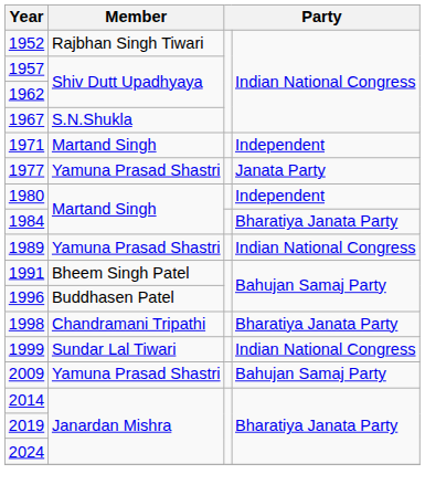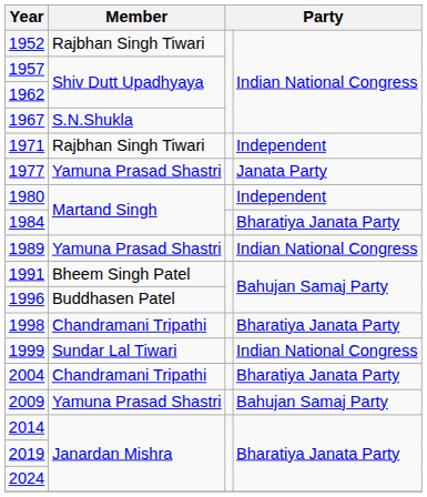 <table class="wikitable">
 <tr>
 <th>Year</th>
 <th>Member</th>
 <th colspan="2">Party</th>
 </tr>
 <tr>
 <td><a href='#'>1952</a></td>
 <td>Rajbhan Singh Tiwari</td>
 <td rowspan="4" style="background-color: "></td>
 <td rowspan="4"><a href='#'>Indian National Congress</a></td>
 </tr>
 <tr>
 <td><a href='#'>1957</a></td>
 <td rowspan="2"><a href='#'>Shiv Dutt Upadhyaya</a></td>
 </tr>
 <tr>
 <td><a href='#'>1962</a></td>
 </tr>
 <tr>
 <td><a href='#'>1967</a></td>
 <td><a href='#'>S.N.Shukla</a></td>
 </tr>
 <tr>
 <td><a href='#'>1971</a></td>
-<td><a href='#'>Martand Singh</a></td>
+<td>Rajbhan Singh Tiwari</td>
 <td style="background-color: "></td>
 <td><a href='#'>Independent</a></td>
 </tr>
 <tr>
 <td><a href='#'>1977</a></td>
 <td><a href='#'>Yamuna Prasad Shastri</a></td>
 <td style="background-color: "></td>
 <td><a href='#'>Janata Party</a></td>
 </tr>
 <tr>
 <td><a href='#'>1980</a></td>
 <td rowspan="2"><a href='#'>Martand Singh</a></td>
 <td style="background-color: "></td>
 <td><a href='#'>Independent</a></td>
 </tr>
 <tr>
 <td><a href='#'>1984</a></td>
 <td style="background-color: "></td>
 <td><a href='#'>Bharatiya Janata Party</a></td>
 </tr>
 <tr>
 <td><a href='#'>1989</a></td>
 <td><a href='#'>Yamuna Prasad Shastri</a></td>
 <td style="background-color: "></td>
 <td><a href='#'>Indian National Congress</a></td>
 </tr>
 <tr>
 <td><a href='#'>1991</a></td>
 <td>Bheem Singh Patel</td>
 <td rowspan="2" style="background-color: "></td>
 <td rowspan="2"><a href='#'>Bahujan Samaj Party</a></td>
 </tr>
 <tr>
 <td><a href='#'>1996</a></td>
 <td>Buddhasen Patel</td>
 </tr>
 <tr>
 <td><a href='#'>1998</a></td>
 <td><a href='#'>Chandramani Tripathi</a></td>
 <td style="background-color: "></td>
 <td><a href='#'>Bharatiya Janata Party</a></td>
 </tr>
 <tr>
 <td><a href='#'>1999</a></td>
 <td><a href='#'>Sundar Lal Tiwari</a></td>
 <td style="background-color: "></td>
 <td><a href='#'>Indian National Congress</a></td>
 </tr>
 <tr>
+<td><a href='#'>2004</a></td>
+<td><a href='#'>Chandramani Tripathi</a></td>
+<td style="background-color: "></td>
+<td><a href='#'>Bharatiya Janata Party</a></td>
+</tr>
+<tr>
 <td><a href='#'>2009</a></td>
 <td><a href='#'>Yamuna Prasad Shastri</a></td>
 <td style="background-color: "></td>
 <td><a href='#'>Bahujan Samaj Party</a></td>
 </tr>
 <tr>
 <td><a href='#'>2014</a></td>
 <td rowspan="3"><a href='#'>Janardan Mishra</a></td>
 <td rowspan="3" style="background-color: "></td>
 <td rowspan="3"><a href='#'>Bharatiya Janata Party</a></td>
 </tr>
 <tr>
 <td><a href='#'>2019</a></td>
 </tr>
 <tr>
 <td><a href='#'>2024</a></td>
 </tr>
 <tr>
 </tr>
 </table>
